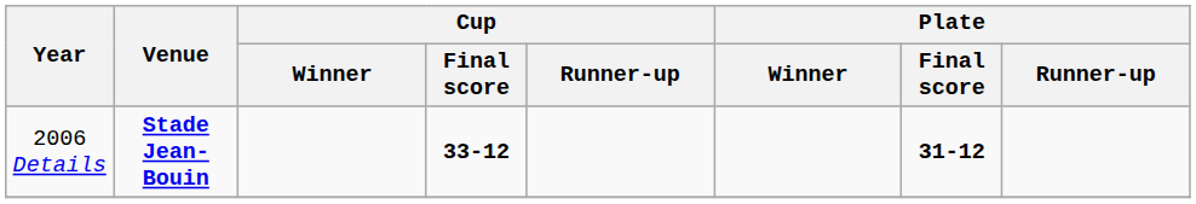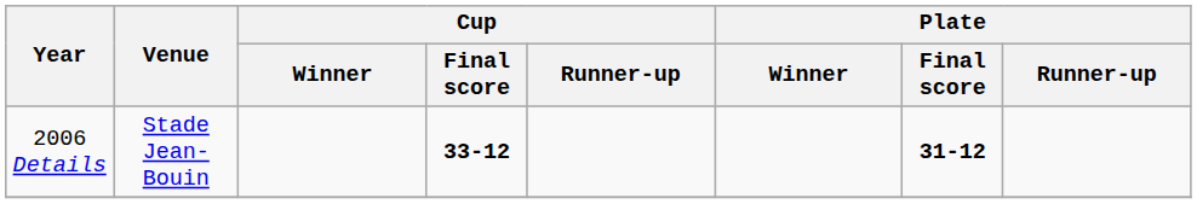 <table class="wikitable" style="font-size:90%; width: 100%; text-align: center;">
 <tr>
 <th rowspan=2 width=5%>Year</th>
 <th rowspan=2 width=10%>Venue</th>
 <th colspan=3>Cup</th>
 <th colspan=3>Plate</th>
 </tr>
 <tr>
 <th width=15%>Winner</th>
 <th width=8%>Final score</th>
 <th width=15%>Runner-up</th>
 <th width=15%>Winner</th>
 <th width=8%>Final score</th>
 <th width=15%>Runner-up</th>
 </tr>
 <tr>
 <td>2006<br> <em><a href='#'>Details</a></em></td>
-<td><strong><a href='#'>Stade Jean-Bouin</a></strong></td>
+<td><a href='#'>Stade Jean-Bouin</a></td>
 <td><strong></strong></td>
 <td><strong>33-12</strong></td>
 <td></td>
 <td></td>
 <td><strong>31-12</strong></td>
 <td></td>
 </tr>
 <tr>
 </tr>
 </table>
